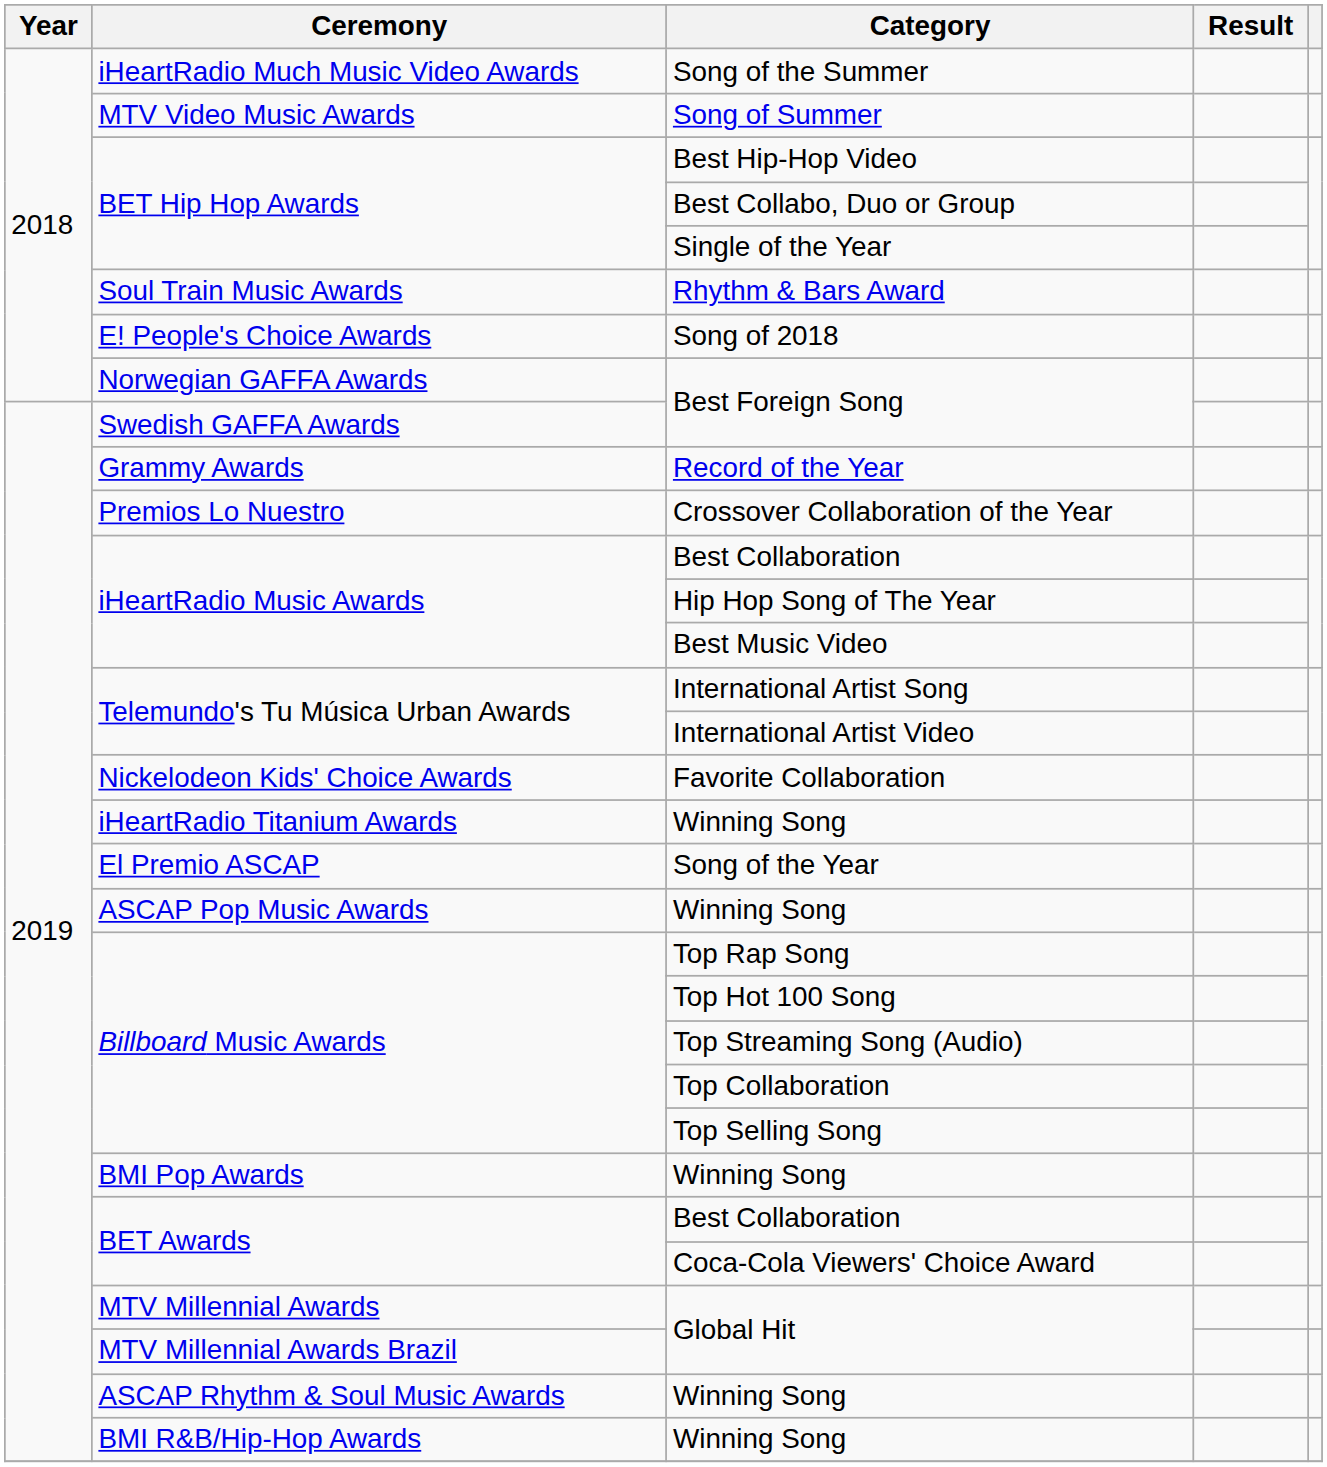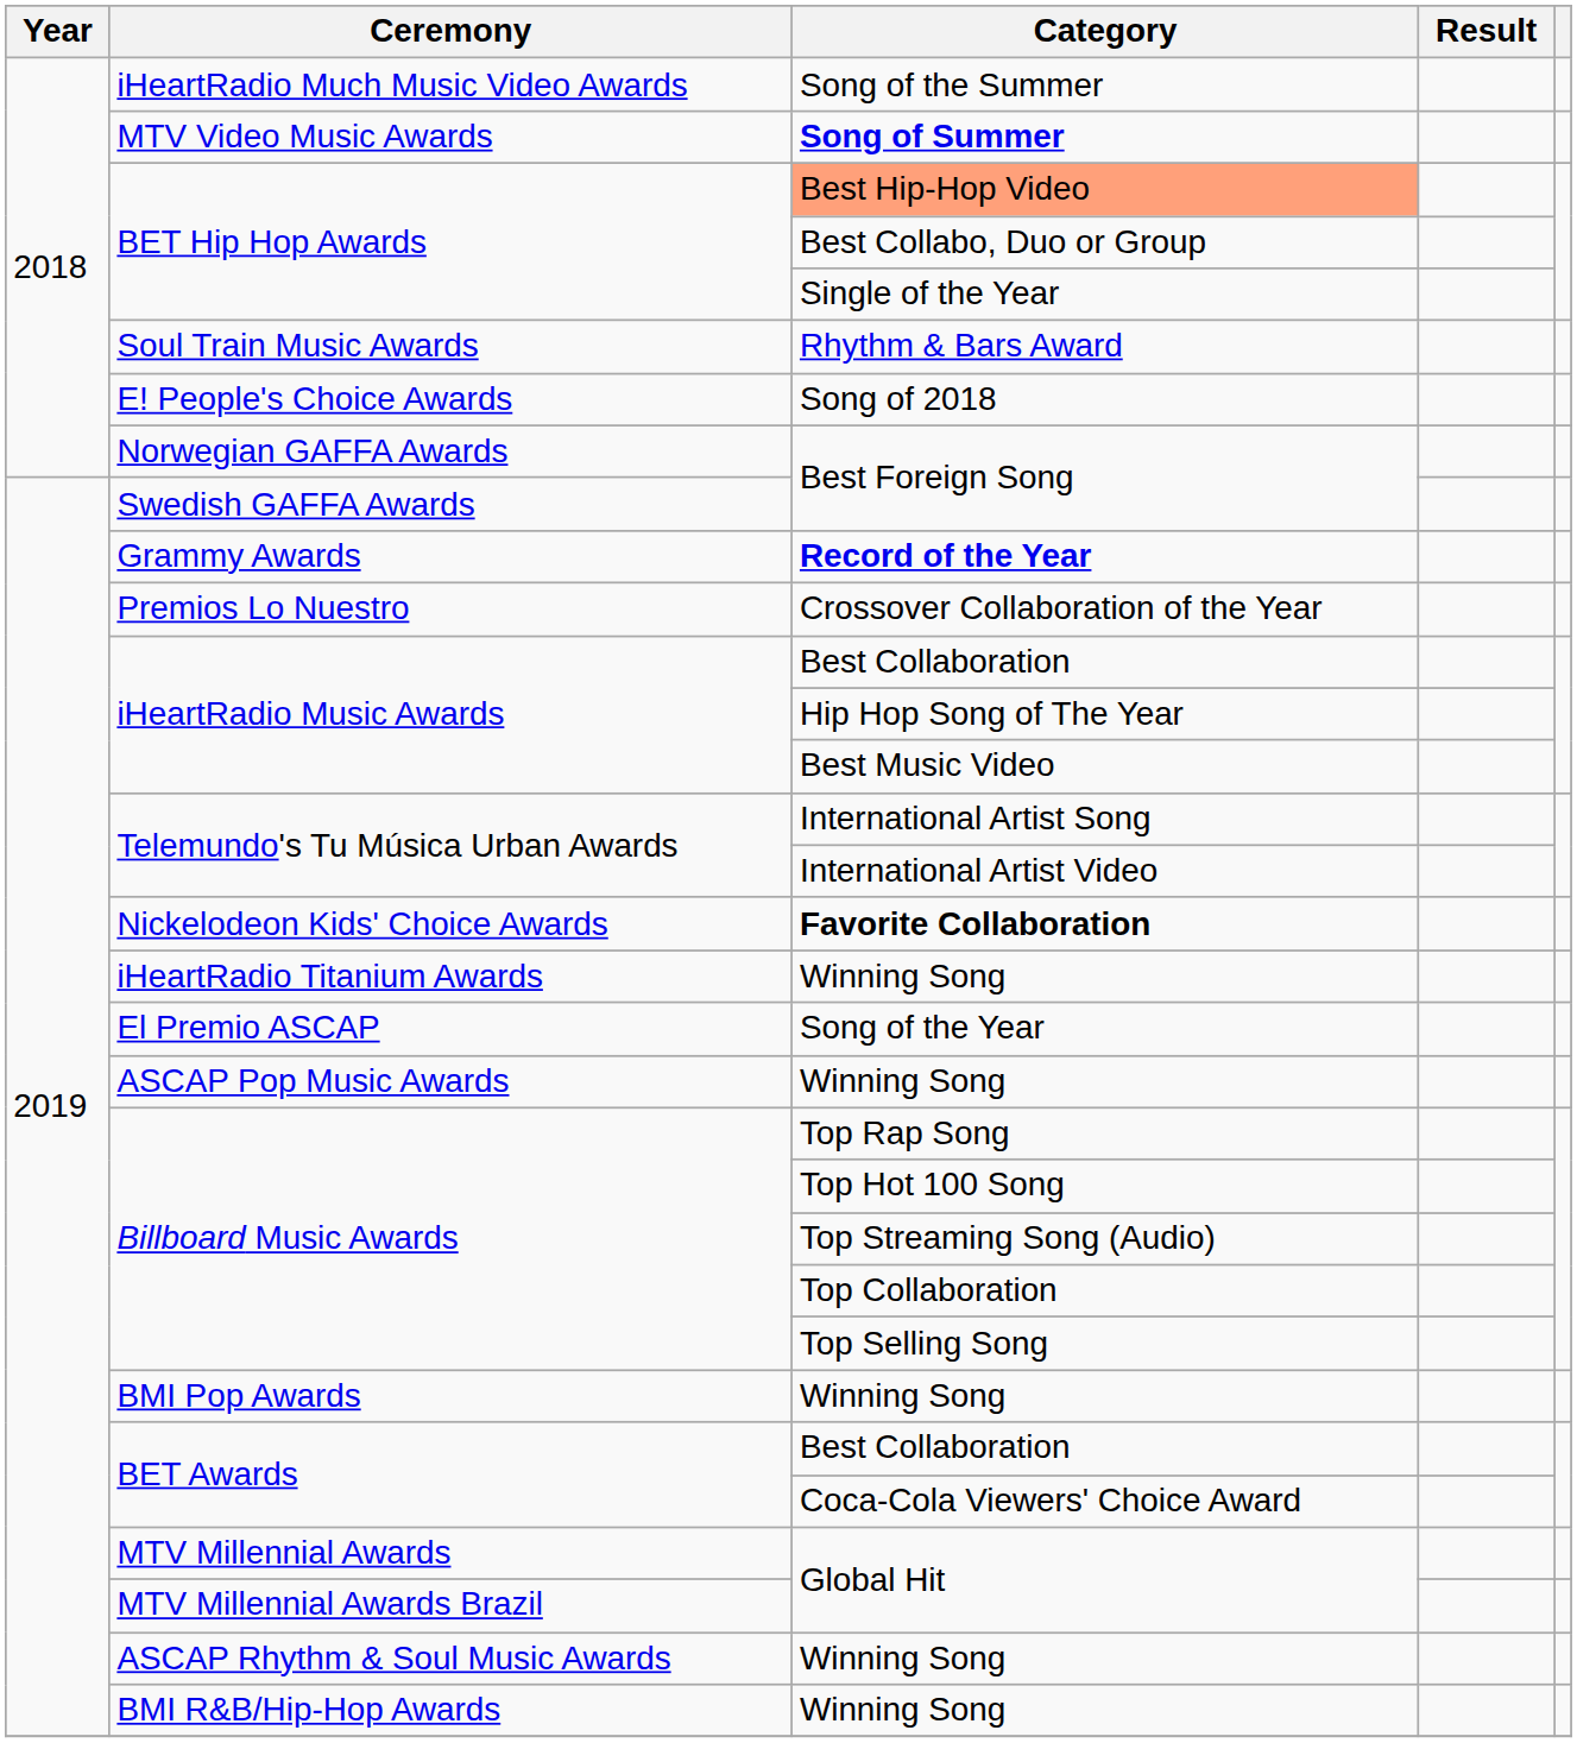 <table class="wikitable sortable plainrowheaders" style="width: 60%;">
 <tr>
 <th scope="col">Year</th>
 <th scope="col">Ceremony</th>
 <th scope="col">Category</th>
 <th scope="col">Result</th>
 <th scope="col" class="unsortable"></th>
 </tr>
 <tr>
 <td rowspan="8">2018</td>
 <td><a href='#'>iHeartRadio Much Music Video Awards</a></td>
 <td>Song of the Summer</td>
 <td></td>
 <td style="text-align:center;"></td>
 </tr>
 <tr>
 <td><a href='#'>MTV Video Music Awards</a></td>
-<td><a href='#'>Song of Summer</a></td>
+<td><strong><a href='#'>Song of Summer</a></strong></td>
 <td></td>
 <td style="text-align:center;"></td>
 </tr>
 <tr>
 <td rowspan=3><a href='#'>BET Hip Hop Awards</a></td>
-<td>Best Hip-Hop Video</td>
+<td style="background: lightsalmon;">Best Hip-Hop Video</td>
 <td></td>
 <td style="text-align:center;" rowspan=3></td>
 </tr>
 <tr>
 <td>Best Collabo, Duo or Group</td>
 <td></td>
 </tr>
 <tr>
 <td>Single of the Year</td>
 <td></td>
 </tr>
 <tr>
 <td><a href='#'>Soul Train Music Awards</a></td>
 <td><a href='#'>Rhythm & Bars Award</a></td>
 <td></td>
 <td style="text-align:center;"></td>
 </tr>
 <tr>
 <td><a href='#'>E! People's Choice Awards</a></td>
 <td>Song of 2018</td>
 <td></td>
 <td style="text-align:center;"></td>
 </tr>
 <tr>
 <td><a href='#'>Norwegian GAFFA Awards</a></td>
 <td rowspan="2">Best Foreign Song</td>
 <td></td>
 <td style="text-align:center;"></td>
 </tr>
 <tr>
 <td rowspan="24">2019</td>
 <td><a href='#'>Swedish GAFFA Awards</a></td>
 <td></td>
 <td style="text-align:center;"></td>
 </tr>
 <tr>
 <td><a href='#'>Grammy Awards</a></td>
-<td><a href='#'>Record of the Year</a></td>
+<td><strong><a href='#'>Record of the Year</a></strong></td>
 <td></td>
 <td style="text-align:center;"></td>
 </tr>
 <tr>
 <td><a href='#'>Premios Lo Nuestro</a></td>
 <td>Crossover Collaboration of the Year</td>
 <td></td>
 <td style="text-align:center;"></td>
 </tr>
 <tr>
 <td rowspan="3"><a href='#'>iHeartRadio Music Awards</a></td>
 <td>Best Collaboration</td>
 <td></td>
 <td style="text-align:center;" rowspan=3></td>
 </tr>
 <tr>
 <td>Hip Hop Song of The Year</td>
 <td></td>
 </tr>
 <tr>
 <td>Best Music Video</td>
 <td></td>
 </tr>
 <tr>
 <td rowspan=2><a href='#'>Telemundo</a>'s Tu Música Urban Awards</td>
 <td>International Artist Song</td>
 <td></td>
 <td style="text-align:center;" rowspan="2"></td>
 </tr>
 <tr>
 <td>International Artist Video</td>
 <td></td>
 </tr>
 <tr>
 <td><a href='#'>Nickelodeon Kids' Choice Awards</a></td>
-<td>Favorite Collaboration</td>
+<td><strong>Favorite Collaboration</strong></td>
 <td></td>
 <td style="text-align:center;"></td>
 </tr>
 <tr>
 <td><a href='#'>iHeartRadio Titanium Awards</a></td>
 <td>Winning Song</td>
 <td></td>
 <td style="text-align:center;"></td>
 </tr>
 <tr>
 <td><a href='#'>El Premio ASCAP</a></td>
 <td>Song of the Year</td>
 <td></td>
 <td style="text-align:center;"></td>
 </tr>
 <tr>
 <td><a href='#'>ASCAP Pop Music Awards</a></td>
 <td>Winning Song</td>
 <td></td>
 <td style="text-align:center;"></td>
 </tr>
 <tr>
 <td rowspan="5"><a href='#'><em>Billboard</em> Music Awards</a></td>
 <td>Top Rap Song</td>
 <td></td>
 <td style="text-align:center;" rowspan="5"></td>
 </tr>
 <tr>
 <td>Top Hot 100 Song</td>
 <td></td>
 </tr>
 <tr>
 <td>Top Streaming Song (Audio)</td>
 <td></td>
 </tr>
 <tr>
 <td>Top Collaboration</td>
 <td></td>
 </tr>
 <tr>
 <td>Top Selling Song</td>
 <td></td>
 </tr>
 <tr>
 <td><a href='#'>BMI Pop Awards</a></td>
 <td>Winning Song</td>
 <td></td>
 <td style="text-align:center;"></td>
 </tr>
 <tr>
 <td rowspan="2"><a href='#'>BET Awards</a></td>
 <td>Best Collaboration</td>
 <td></td>
 <td style="text-align:center; "rowspan="2"></td>
 </tr>
 <tr>
 <td>Coca-Cola Viewers' Choice Award</td>
 <td></td>
 </tr>
 <tr>
 <td><a href='#'>MTV Millennial Awards</a></td>
 <td rowspan=2>Global Hit</td>
 <td></td>
 <td style="text-align:center;"></td>
 </tr>
 <tr>
 <td><a href='#'>MTV Millennial Awards Brazil</a></td>
 <td></td>
 <td style="text-align:center;"></td>
 </tr>
 <tr>
 <td><a href='#'>ASCAP Rhythm & Soul Music Awards</a></td>
 <td>Winning Song</td>
 <td></td>
 <td style="text-align:center;"></td>
 </tr>
 <tr>
 <td><a href='#'>BMI R&B/Hip-Hop Awards</a></td>
 <td>Winning Song</td>
 <td></td>
 <td style="text-align:center;"></td>
 </tr>
 <tr>
 </tr>
 </table>
